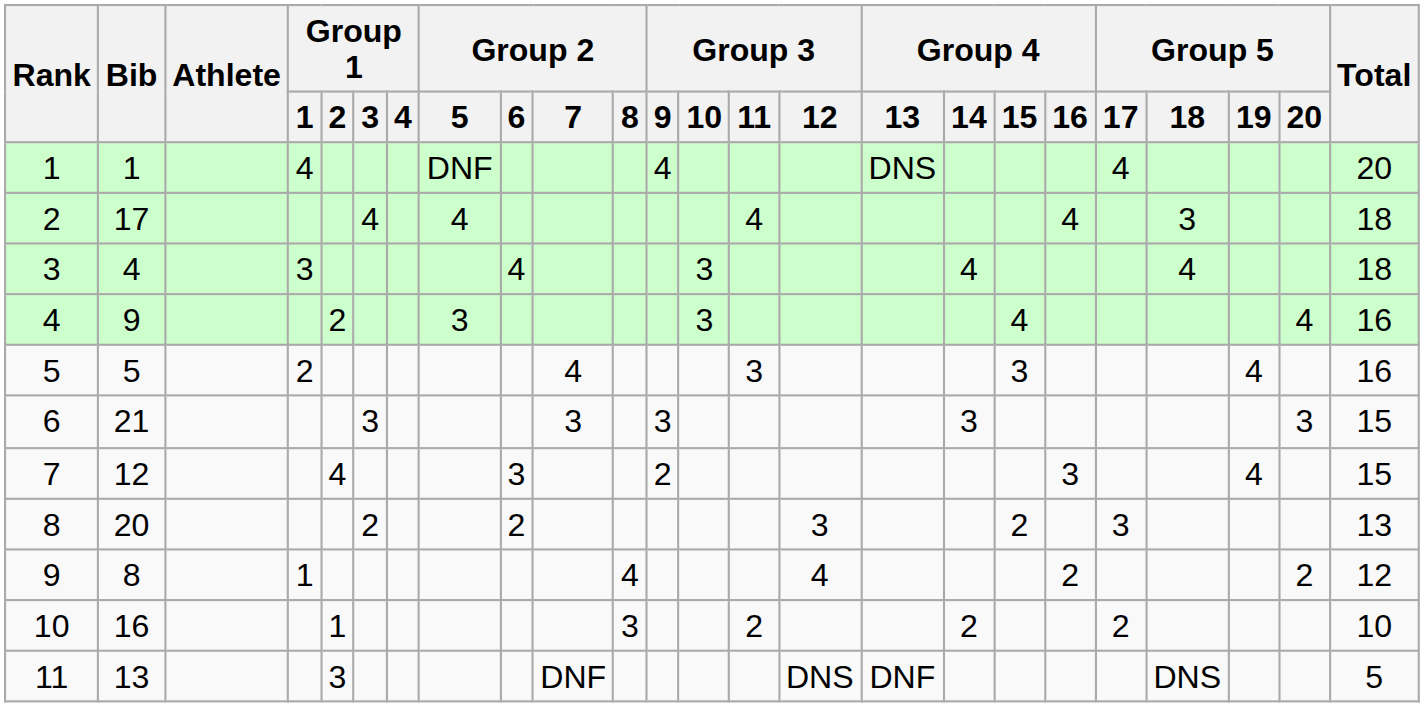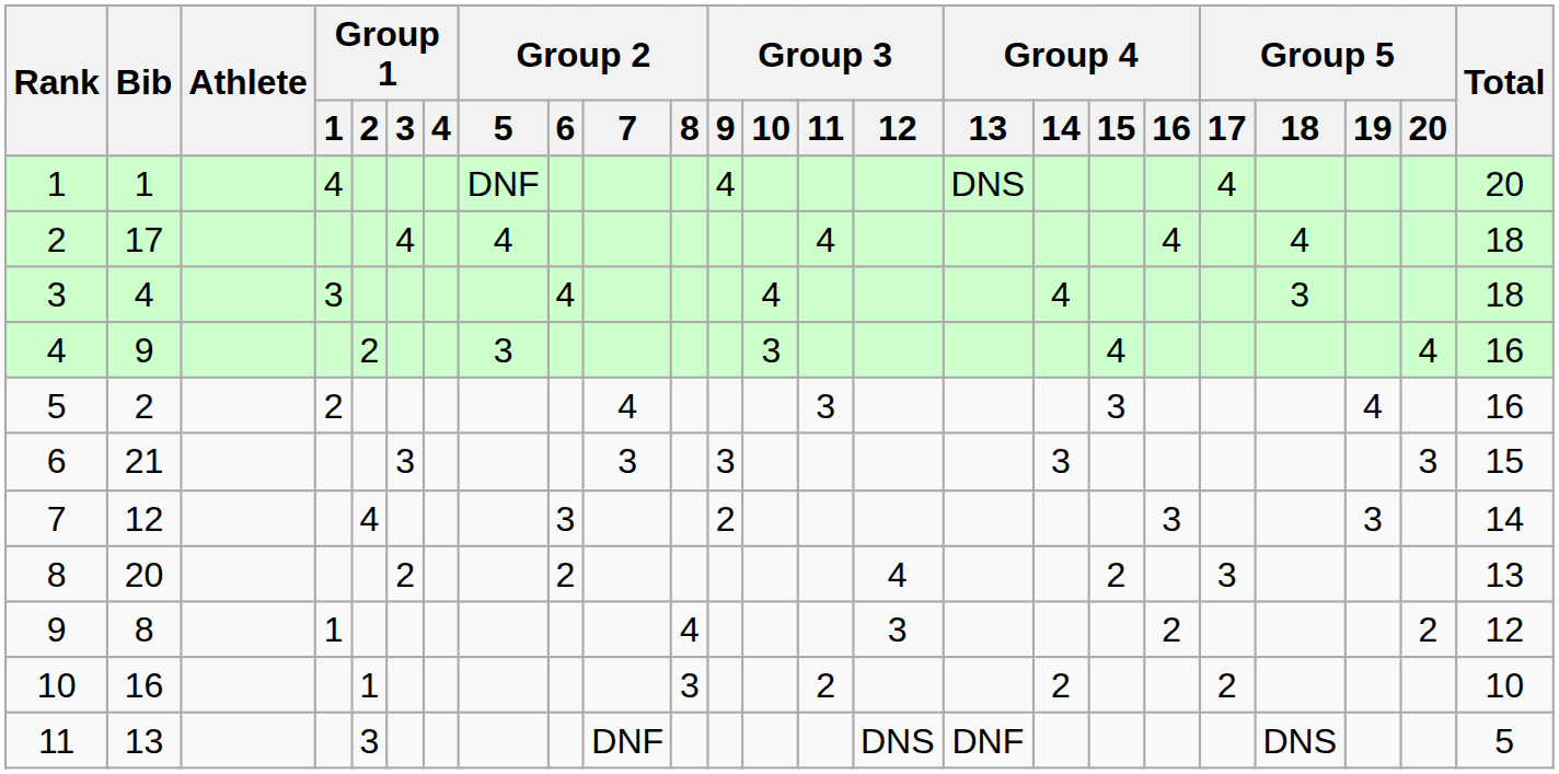 <table class="wikitable" style="text-align:center; font-size:95%">
 <tr>
 <th rowspan=2>Rank</th>
 <th rowspan=2>Bib</th>
 <th rowspan=2>Athlete</th>
 <th colspan=4>Group 1</th>
 <th colspan=4>Group 2</th>
 <th colspan=4>Group 3</th>
 <th colspan=4>Group 4</th>
 <th colspan=4>Group 5</th>
 <th rowspan=2>Total</th>
 </tr>
 <tr>
 <th>1</th>
 <th>2</th>
 <th>3</th>
 <th>4</th>
 <th>5</th>
 <th>6</th>
 <th>7</th>
 <th>8</th>
 <th>9</th>
 <th>10</th>
 <th>11</th>
 <th>12</th>
 <th>13</th>
 <th>14</th>
 <th>15</th>
 <th>16</th>
 <th>17</th>
 <th>18</th>
 <th>19</th>
 <th>20</th>
 </tr>
 <tr bgcolor=ccffcc>
 <td>1</td>
 <td>1</td>
 <td align=left></td>
 <td>4</td>
 <td></td>
 <td></td>
 <td></td>
 <td>DNF</td>
 <td></td>
 <td></td>
 <td></td>
 <td>4</td>
 <td></td>
 <td></td>
 <td></td>
 <td>DNS</td>
 <td></td>
 <td></td>
 <td></td>
 <td>4</td>
 <td></td>
 <td></td>
 <td></td>
 <td>20</td>
 </tr>
 <tr bgcolor=ccffcc>
 <td>2</td>
 <td>17</td>
 <td align=left></td>
 <td></td>
 <td></td>
 <td>4</td>
 <td></td>
 <td>4</td>
 <td></td>
 <td></td>
 <td></td>
 <td></td>
 <td></td>
 <td>4</td>
 <td></td>
 <td></td>
 <td></td>
 <td></td>
 <td>4</td>
 <td></td>
-<td>3</td>
+<td>4</td>
 <td></td>
 <td></td>
 <td>18</td>
 </tr>
 <tr bgcolor=ccffcc>
 <td>3</td>
 <td>4</td>
 <td align=left></td>
 <td>3</td>
 <td></td>
 <td></td>
 <td></td>
 <td></td>
 <td>4</td>
 <td></td>
 <td></td>
 <td></td>
-<td>3</td>
+<td>4</td>
 <td></td>
 <td></td>
 <td></td>
 <td>4</td>
 <td></td>
 <td></td>
 <td></td>
-<td>4</td>
+<td>3</td>
 <td></td>
 <td></td>
 <td>18</td>
 </tr>
 <tr bgcolor=ccffcc>
 <td>4</td>
 <td>9</td>
 <td align=left></td>
 <td></td>
 <td>2</td>
 <td></td>
 <td></td>
 <td>3</td>
 <td></td>
 <td></td>
 <td></td>
 <td></td>
 <td>3</td>
 <td></td>
 <td></td>
 <td></td>
 <td></td>
 <td>4</td>
 <td></td>
 <td></td>
 <td></td>
 <td></td>
 <td>4</td>
 <td>16</td>
 </tr>
 <tr>
 <td>5</td>
-<td>5</td>
+<td>2</td>
 <td align=left></td>
 <td>2</td>
 <td></td>
 <td></td>
 <td></td>
 <td></td>
 <td></td>
 <td>4</td>
 <td></td>
 <td></td>
 <td></td>
 <td>3</td>
 <td></td>
 <td></td>
 <td></td>
 <td>3</td>
 <td></td>
 <td></td>
 <td></td>
 <td>4</td>
 <td></td>
 <td>16</td>
 </tr>
 <tr>
 <td>6</td>
 <td>21</td>
 <td align=left></td>
 <td></td>
 <td></td>
 <td>3</td>
 <td></td>
 <td></td>
 <td></td>
 <td>3</td>
 <td></td>
 <td>3</td>
 <td></td>
 <td></td>
 <td></td>
 <td></td>
 <td>3</td>
 <td></td>
 <td></td>
 <td></td>
 <td></td>
 <td></td>
 <td>3</td>
 <td>15</td>
 </tr>
 <tr>
 <td>7</td>
 <td>12</td>
 <td align=left></td>
 <td></td>
 <td>4</td>
 <td></td>
 <td></td>
 <td></td>
 <td>3</td>
 <td></td>
 <td></td>
 <td>2</td>
 <td></td>
 <td></td>
 <td></td>
 <td></td>
 <td></td>
 <td></td>
 <td>3</td>
 <td></td>
 <td></td>
-<td>4</td>
+<td>3</td>
 <td></td>
-<td>15</td>
+<td>14</td>
 </tr>
 <tr>
 <td>8</td>
 <td>20</td>
 <td align=left></td>
 <td></td>
 <td></td>
 <td>2</td>
 <td></td>
 <td></td>
 <td>2</td>
 <td></td>
 <td></td>
 <td></td>
 <td></td>
 <td></td>
-<td>3</td>
+<td>4</td>
 <td></td>
 <td></td>
 <td>2</td>
 <td></td>
 <td>3</td>
 <td></td>
 <td></td>
 <td></td>
 <td>13</td>
 </tr>
 <tr>
 <td>9</td>
 <td>8</td>
 <td align=left></td>
 <td>1</td>
 <td></td>
 <td></td>
 <td></td>
 <td></td>
 <td></td>
 <td></td>
 <td>4</td>
 <td></td>
 <td></td>
 <td></td>
-<td>4</td>
+<td>3</td>
 <td></td>
 <td></td>
 <td></td>
 <td>2</td>
 <td></td>
 <td></td>
 <td></td>
 <td>2</td>
 <td>12</td>
 </tr>
 <tr>
 <td>10</td>
 <td>16</td>
 <td align=left></td>
 <td></td>
 <td>1</td>
 <td></td>
 <td></td>
 <td></td>
 <td></td>
 <td></td>
 <td>3</td>
 <td></td>
 <td></td>
 <td>2</td>
 <td></td>
 <td></td>
 <td>2</td>
 <td></td>
 <td></td>
 <td>2</td>
 <td></td>
 <td></td>
 <td></td>
 <td>10</td>
 </tr>
 <tr>
 <td>11</td>
 <td>13</td>
 <td align=left></td>
 <td></td>
 <td>3</td>
 <td></td>
 <td></td>
 <td></td>
 <td></td>
 <td>DNF</td>
 <td></td>
 <td></td>
 <td></td>
 <td></td>
 <td>DNS</td>
 <td>DNF</td>
 <td></td>
 <td></td>
 <td></td>
 <td></td>
 <td>DNS</td>
 <td></td>
 <td></td>
 <td>5</td>
 </tr>
 </table>
